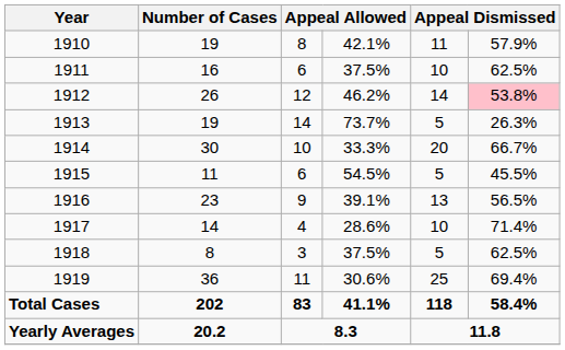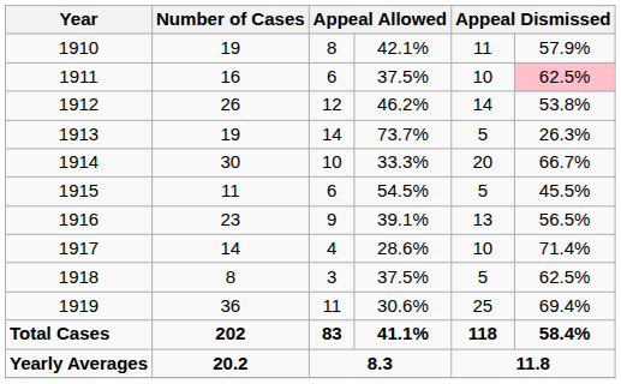 <table class="wikitable sortable">
 <tr>
 <th>Year</th>
 <th>Number of Cases</th>
 <th colspan=2>Appeal Allowed</th>
 <th colspan=2>Appeal Dismissed</th>
 </tr>
 <tr>
 <td style="text-align: center;">1910</td>
 <td style="text-align: center;">19</td>
 <td style="text-align: center;">8</td>
 <td style="text-align: center;">42.1%</td>
 <td style="text-align: center;">11</td>
 <td style="text-align: center;">57.9%</td>
 </tr>
 <tr>
 <td style="text-align: center;">1911</td>
 <td style="text-align: center;">16</td>
 <td style="text-align: center;">6</td>
 <td style="text-align: center;">37.5%</td>
 <td style="text-align: center;">10</td>
-<td style="text-align: center;">62.5%</td>
+<td style="background: pink; text-align: center;">62.5%</td>
 </tr>
 <tr>
 <td style="text-align: center;">1912</td>
 <td style="text-align: center;">26</td>
 <td style="text-align: center;">12</td>
 <td style="text-align: center;">46.2%</td>
 <td style="text-align: center;">14</td>
-<td style="background: pink; text-align: center;">53.8%</td>
+<td style="text-align: center;">53.8%</td>
 </tr>
 <tr>
 <td style="text-align: center;">1913</td>
 <td style="text-align: center;">19</td>
 <td style="text-align: center;">14</td>
 <td style="text-align: center;">73.7%</td>
 <td style="text-align: center;">5</td>
 <td style="text-align: center;">26.3%</td>
 </tr>
 <tr>
 <td style="text-align: center;">1914</td>
 <td style="text-align: center;">30</td>
 <td style="text-align: center;">10</td>
 <td style="text-align: center;">33.3%</td>
 <td style="text-align: center;">20</td>
 <td style="text-align: center;">66.7%</td>
 </tr>
 <tr>
 <td style="text-align: center;">1915</td>
 <td style="text-align: center;">11</td>
 <td style="text-align: center;">6</td>
 <td style="text-align: center;">54.5%</td>
 <td style="text-align: center;">5</td>
 <td style="text-align: center;">45.5%</td>
 </tr>
 <tr>
 <td style="text-align: center;">1916</td>
 <td style="text-align: center;">23</td>
 <td style="text-align: center;">9</td>
 <td style="text-align: center;">39.1%</td>
 <td style="text-align: center;">13</td>
 <td style="text-align: center;">56.5%</td>
 </tr>
 <tr>
 <td style="text-align: center;">1917</td>
 <td style="text-align: center;">14</td>
 <td style="text-align: center;">4</td>
 <td style="text-align: center;">28.6%</td>
 <td style="text-align: center;">10</td>
 <td style="text-align: center;">71.4%</td>
 </tr>
 <tr>
 <td style="text-align: center;">1918</td>
 <td style="text-align: center;">8</td>
 <td style="text-align: center;">3</td>
 <td style="text-align: center;">37.5%</td>
 <td style="text-align: center;">5</td>
 <td style="text-align: center;">62.5%</td>
 </tr>
 <tr>
 <td style="text-align: center;">1919</td>
 <td style="text-align: center;">36</td>
 <td style="text-align: center;">11</td>
 <td style="text-align: center;">30.6%</td>
 <td style="text-align: center;">25</td>
 <td style="text-align: center;">69.4%</td>
 </tr>
 <tr>
 <td><strong>Total Cases</strong></td>
 <td style="text-align: center;"><strong>202</strong></td>
 <td style="text-align: center;"><strong>83</strong></td>
 <td style="text-align: center;"><strong>41.1%</strong></td>
 <td style="text-align: center;"><strong>118</strong></td>
 <td style="text-align: center;"><strong>58.4%</strong></td>
 </tr>
 <tr>
 <td><strong>Yearly Averages</strong></td>
 <td style="text-align: center;"><strong>20.2</strong></td>
 <td colspan=2 style="text-align:center;"><strong>8.3</strong></td>
 <td colspan=2 style="text-align:center;"><strong>11.8</strong></td>
 </tr>
 <tr>
 </tr>
 </table>
